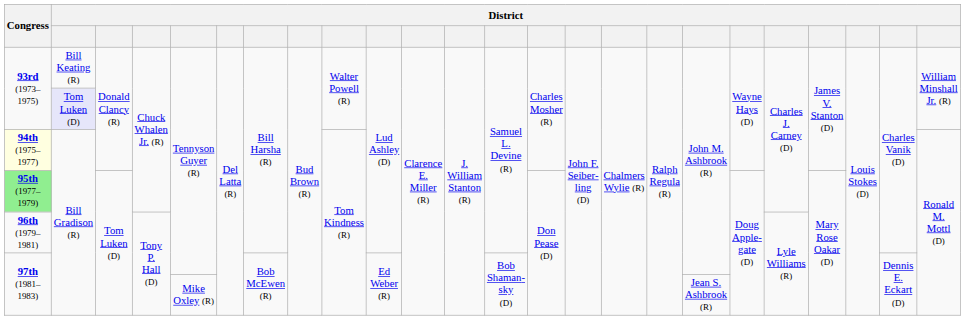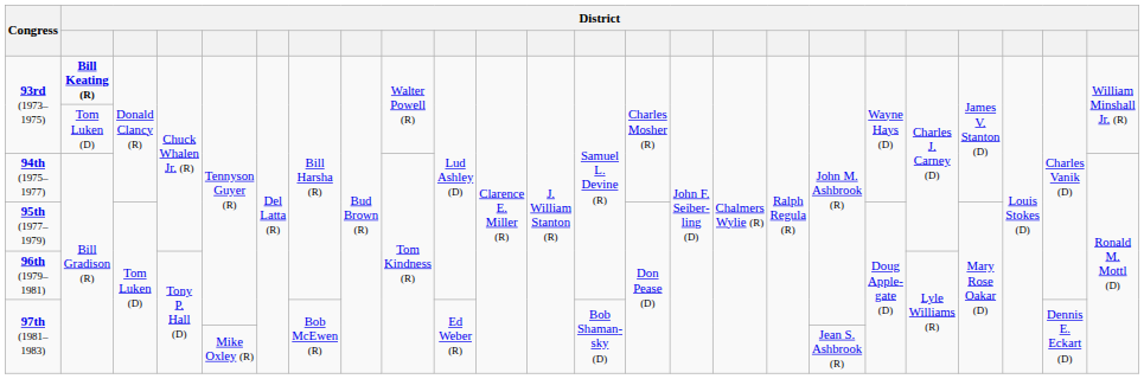 <table class=wikitable style="text-align:center">
 <tr style="height:2em">
 <th rowspan=2>Congress</th>
 <th colspan=23>District</th>
 </tr>
 <tr style="height:2em">
 <th></th>
 <th></th>
 <th></th>
 <th></th>
 <th></th>
 <th></th>
 <th></th>
 <th></th>
 <th></th>
 <th></th>
 <th></th>
 <th></th>
 <th></th>
 <th></th>
 <th></th>
 <th></th>
 <th></th>
 <th></th>
 <th></th>
 <th></th>
 <th></th>
 <th></th>
 <th></th>
 </tr>
 <tr style="height:2em">
 <td rowspan=2><strong><a href='#'>93rd</a></strong><br><small>(1973–1975)</small></td>
-<td><a href='#'>Bill<br>Keating</a> <small>(R)</small></td>
+<td><strong><a href='#'>Bill<br>Keating</a> <small>(R)</small></strong></td>
 <td rowspan=3 ><a href='#'>Donald<br>Clancy</a><br><small>(R)</small></td>
 <td rowspan=4 ><a href='#'>Chuck<br>Whalen<br>Jr.</a> <small>(R)</small></td>
 <td rowspan=6 ><a href='#'>Tennyson<br>Guyer</a><br><small>(R)</small></td>
 <td rowspan=7 ><a href='#'>Del<br>Latta</a><br><small>(R)</small></td>
 <td rowspan=5 ><a href='#'>Bill<br>Harsha</a><br><small>(R)</small></td>
 <td rowspan=7 ><a href='#'>Bud<br>Brown</a><br><small>(R)</small></td>
 <td rowspan=2 ><a href='#'>Walter<br>Powell</a><br><small>(R)</small></td>
 <td rowspan=5 ><a href='#'>Lud<br>Ashley</a><br><small>(D)</small></td>
 <td rowspan=7 ><a href='#'>Clarence<br>E.<br>Miller</a><br><small>(R)</small></td>
 <td rowspan=7 ><a href='#'>J.<br>William<br>Stanton</a><br><small>(R)</small></td>
 <td rowspan=5 ><a href='#'>Samuel<br>L.<br>Devine</a><br><small>(R)</small></td>
 <td rowspan=3 ><a href='#'>Charles<br>Mosher</a><br><small>(R)</small></td>
 <td rowspan=7 ><a href='#'>John F.<br>Seiber­ling</a><br><small>(D)</small></td>
 <td rowspan=7 ><a href='#'>Chalmers<br>Wylie</a> <small>(R)</small></td>
 <td rowspan=7 ><a href='#'>Ralph<br>Regula</a><br><small>(R)</small></td>
 <td rowspan=6 ><a href='#'>John M.<br>Ashbrook</a><br><small>(R)</small></td>
 <td rowspan=3 ><a href='#'>Wayne<br>Hays</a><br><small>(D)</small></td>
 <td rowspan=4 ><a href='#'>Charles<br>J.<br>Carney</a><br><small>(D)</small></td>
 <td rowspan=3 ><a href='#'>James<br>V.<br>Stanton</a><br><small>(D)</small></td>
 <td rowspan=7 ><a href='#'>Louis<br>Stokes</a><br><small>(D)</small></td>
 <td rowspan=5 ><a href='#'>Charles<br>Vanik</a><br><small>(D)</small></td>
 <td rowspan=2 ><a href='#'>William<br>Minshall<br>Jr.</a> <small>(R)</small></td>
 </tr>
 <tr style="height:2em">
-<td style="background: lavender;"><a href='#'>Tom<br>Luken</a> <small>(D)</small></td>
+<td><a href='#'>Tom<br>Luken</a> <small>(D)</small></td>
 </tr>
 <tr style="height:2em">
-<td style="background: lightyellow;"><strong><a href='#'>94th</a></strong><br><small>(1975–1977)</small></td>
+<td><strong><a href='#'>94th</a></strong><br><small>(1975–1977)</small></td>
 <td rowspan=5 ><a href='#'>Bill<br>Gradison</a><br><small>(R)</small></td>
 <td rowspan=5 ><a href='#'>Tom<br>Kindness</a><br><small>(R)</small></td>
 <td rowspan=5 ><a href='#'>Ronald<br>M.<br>Mottl</a><br><small>(D)</small></td>
 </tr>
 <tr style="height:2em">
-<td style="background: lightgreen;"><strong><a href='#'>95th</a></strong><br><small>(1977–1979)</small></td>
+<td><strong><a href='#'>95th</a></strong><br><small>(1977–1979)</small></td>
 <td rowspan=4 ><a href='#'>Tom<br>Luken</a><br><small>(D)</small></td>
 <td rowspan=4 ><a href='#'>Don<br>Pease</a><br><small>(D)</small></td>
 <td rowspan=4 ><a href='#'>Doug<br>Apple­gate</a><br><small>(D)</small></td>
 <td rowspan=4 ><a href='#'>Mary<br>Rose<br>Oakar</a><br><small>(D)</small></td>
 </tr>
 <tr style="height:2em">
 <td><strong><a href='#'>96th</a></strong><br><small>(1979–1981)</small></td>
 <td rowspan=3 ><a href='#'>Tony<br>P.<br>Hall</a><br><small>(D)</small></td>
 <td rowspan=3 ><a href='#'>Lyle<br>Williams</a><br><small>(R)</small></td>
 </tr>
 <tr style="height:2em">
 <td rowspan=2><strong><a href='#'>97th</a></strong><br><small>(1981–1983)</small></td>
 <td rowspan=2 ><a href='#'>Bob<br>McEwen</a><br><small>(R)</small></td>
 <td rowspan=2 ><a href='#'>Ed<br>Weber</a><br><small>(R)</small></td>
 <td rowspan=2 ><a href='#'>Bob<br>Shaman­sky</a><br><small>(D)</small></td>
 <td rowspan=2 ><a href='#'>Dennis E.<br>Eckart</a><br><small>(D)</small></td>
 </tr>
 <tr style="height:2em">
 <td><a href='#'>Mike<br>Oxley</a> <small>(R)</small></td>
 <td><a href='#'>Jean S.<br>Ashbrook</a> <small>(R)</small></td>
 </tr>
 </table>
